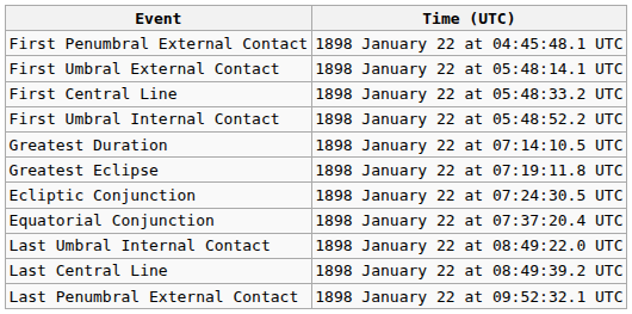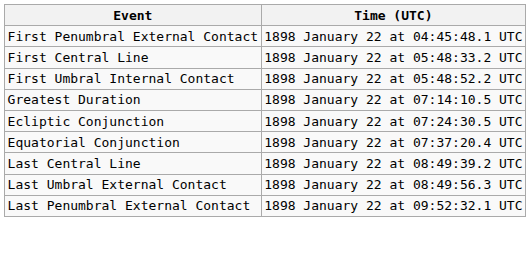 <table class="wikitable">
 <tr>
 <th>Event</th>
 <th>Time (UTC)</th>
 </tr>
 <tr>
 <td>First Penumbral External Contact</td>
 <td>1898 January 22 at 04:45:48.1 UTC</td>
-</tr>
-<tr>
-<td>First Umbral External Contact</td>
-<td>1898 January 22 at 05:48:14.1 UTC</td>
 </tr>
 <tr>
 <td>First Central Line</td>
 <td>1898 January 22 at 05:48:33.2 UTC</td>
 </tr>
 <tr>
 <td>First Umbral Internal Contact</td>
 <td>1898 January 22 at 05:48:52.2 UTC</td>
 </tr>
 <tr>
 <td>Greatest Duration</td>
 <td>1898 January 22 at 07:14:10.5 UTC</td>
 </tr>
 <tr>
-<td>Greatest Eclipse</td>
-<td>1898 January 22 at 07:19:11.8 UTC</td>
-</tr>
-<tr>
 <td>Ecliptic Conjunction</td>
 <td>1898 January 22 at 07:24:30.5 UTC</td>
 </tr>
 <tr>
 <td>Equatorial Conjunction</td>
 <td>1898 January 22 at 07:37:20.4 UTC</td>
 </tr>
 <tr>
-<td>Last Umbral Internal Contact</td>
-<td>1898 January 22 at 08:49:22.0 UTC</td>
+<td>Last Central Line</td>
+<td>1898 January 22 at 08:49:39.2 UTC</td>
 </tr>
 <tr>
-<td>Last Central Line</td>
-<td>1898 January 22 at 08:49:39.2 UTC</td>
+<td>Last Umbral External Contact</td>
+<td>1898 January 22 at 08:49:56.3 UTC</td>
 </tr>
 <tr>
 <td>Last Penumbral External Contact</td>
 <td>1898 January 22 at 09:52:32.1 UTC</td>
 </tr>
 </table>
